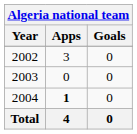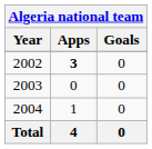 <table class="wikitable" style="text-align:center">
 <tr>
 <th colspan=3><a href='#'>Algeria national team</a></th>
 </tr>
 <tr>
 <th>Year</th>
 <th>Apps</th>
 <th>Goals</th>
 </tr>
 <tr>
 </tr>
 <tr>
 <td>2002</td>
-<td>3</td>
+<td><strong>3</strong></td>
 <td>0</td>
 </tr>
 <tr>
 <td>2003</td>
 <td>0</td>
 <td>0</td>
 </tr>
 <tr>
 <td>2004</td>
-<td><strong>1</strong></td>
+<td>1</td>
 <td>0</td>
 </tr>
 <tr>
 <th>Total</th>
 <th>4</th>
 <th>0</th>
 </tr>
 </table>
